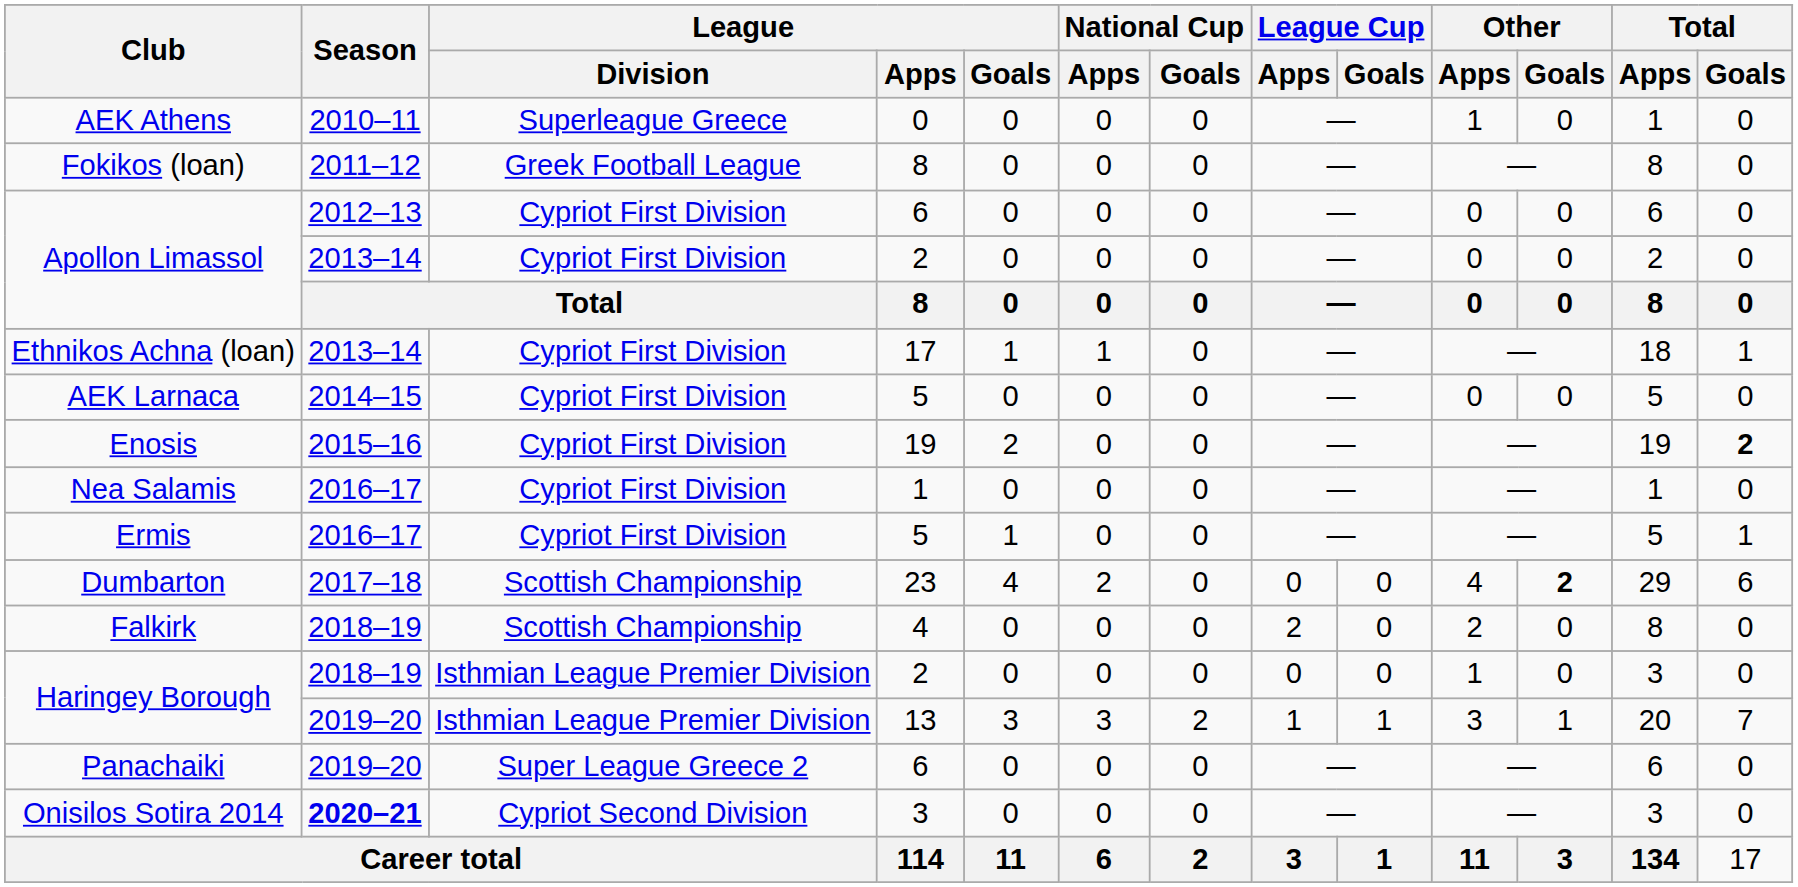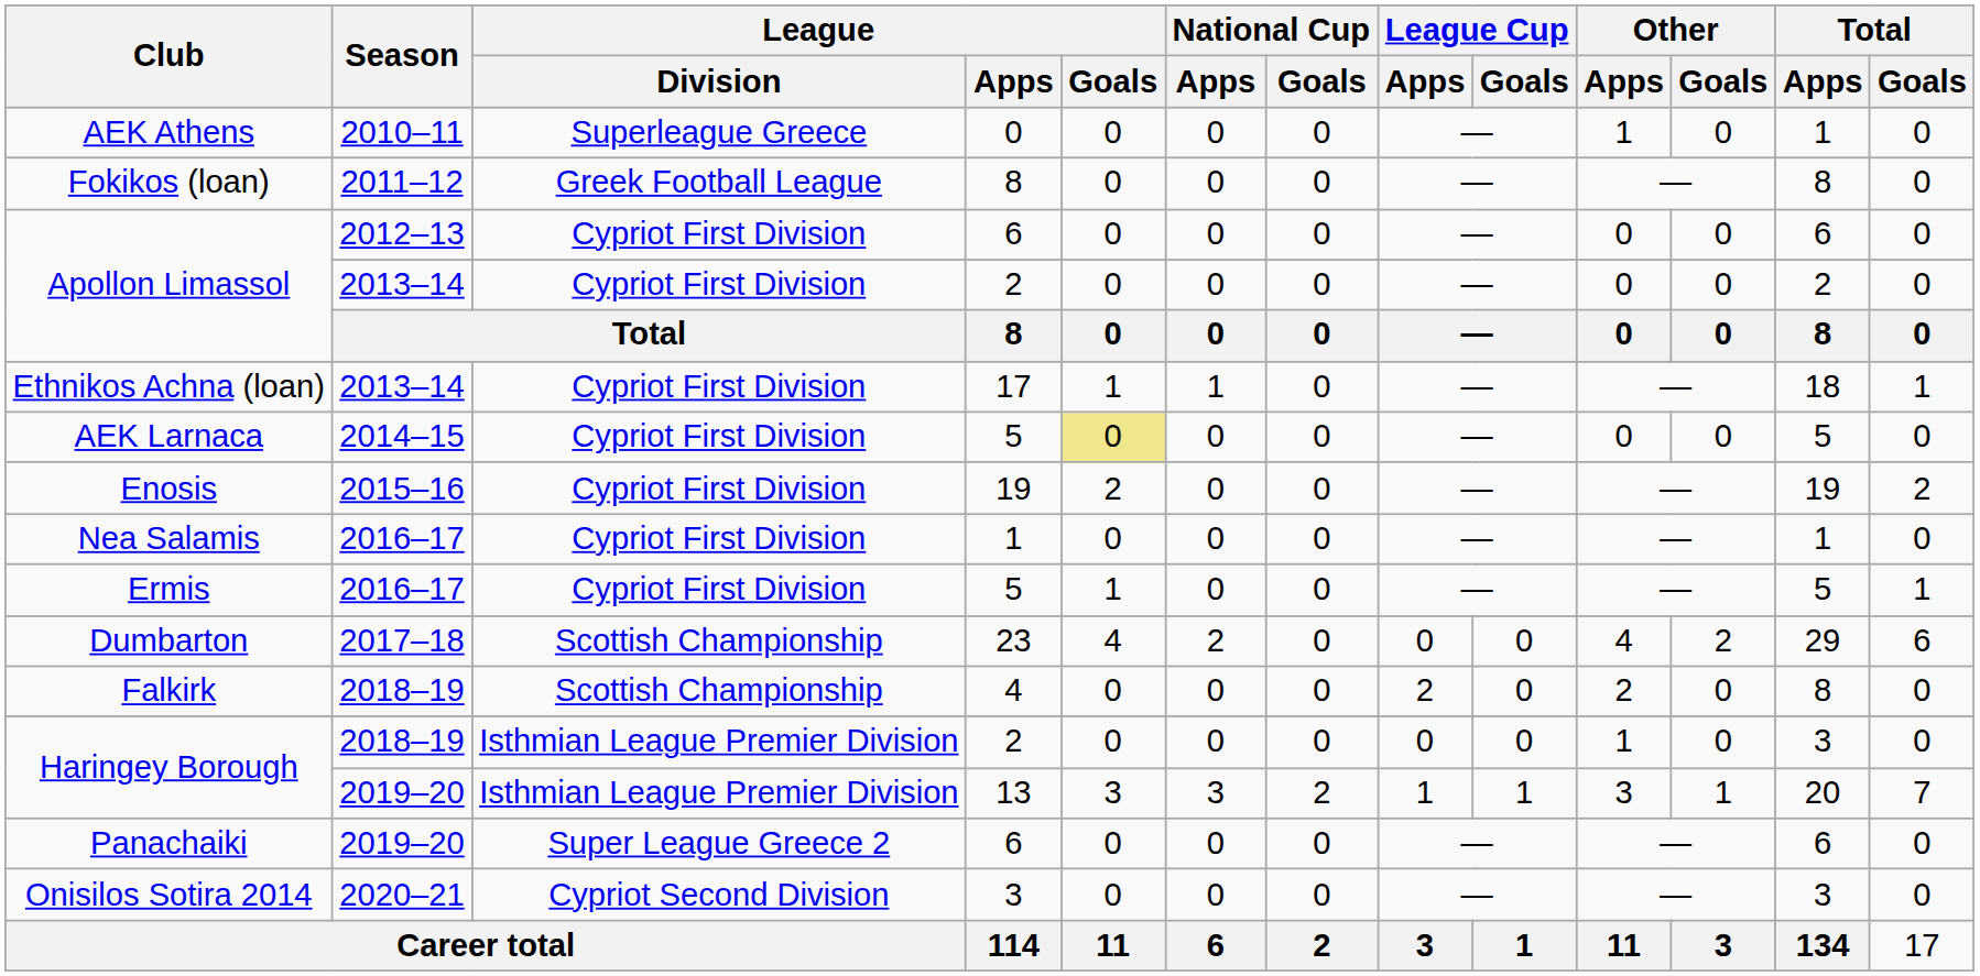 <table class="wikitable" style="text-align:center">
 <tr>
 <th rowspan="2">Club</th>
 <th rowspan="2">Season</th>
 <th colspan="3">League</th>
 <th colspan="2">National Cup</th>
 <th colspan="2"><a href='#'>League Cup</a></th>
 <th colspan="2">Other</th>
 <th colspan="2">Total</th>
 </tr>
 <tr>
 <th>Division</th>
 <th>Apps</th>
 <th>Goals</th>
 <th>Apps</th>
 <th>Goals</th>
 <th>Apps</th>
 <th>Goals</th>
 <th>Apps</th>
 <th>Goals</th>
 <th>Apps</th>
 <th>Goals</th>
 </tr>
 <tr>
 <td><a href='#'>AEK Athens</a></td>
 <td><a href='#'>2010–11</a></td>
 <td><a href='#'>Superleague Greece</a></td>
 <td>0</td>
 <td>0</td>
 <td>0</td>
 <td>0</td>
 <td colspan="2">—</td>
 <td>1</td>
 <td>0</td>
 <td>1</td>
 <td>0</td>
 </tr>
 <tr>
 <td><a href='#'>Fokikos</a> (loan)</td>
 <td><a href='#'>2011–12</a></td>
 <td><a href='#'>Greek Football League</a></td>
 <td>8</td>
 <td>0</td>
 <td>0</td>
 <td>0</td>
 <td colspan="2">—</td>
 <td colspan="2">—</td>
 <td>8</td>
 <td>0</td>
 </tr>
 <tr>
 <td rowspan="3"><a href='#'>Apollon Limassol</a></td>
 <td><a href='#'>2012–13</a></td>
 <td><a href='#'>Cypriot First Division</a></td>
 <td>6</td>
 <td>0</td>
 <td>0</td>
 <td>0</td>
 <td colspan="2">—</td>
 <td>0</td>
 <td>0</td>
 <td>6</td>
 <td>0</td>
 </tr>
 <tr>
 <td><a href='#'>2013–14</a></td>
 <td><a href='#'>Cypriot First Division</a></td>
 <td>2</td>
 <td>0</td>
 <td>0</td>
 <td>0</td>
 <td colspan="2">—</td>
 <td>0</td>
 <td>0</td>
 <td>2</td>
 <td>0</td>
 </tr>
 <tr>
 <th colspan="2">Total</th>
 <th>8</th>
 <th>0</th>
 <th>0</th>
 <th>0</th>
 <th colspan="2">—</th>
 <th>0</th>
 <th>0</th>
 <th>8</th>
 <th>0</th>
 </tr>
 <tr>
 <td><a href='#'>Ethnikos Achna</a> (loan)</td>
 <td><a href='#'>2013–14</a></td>
 <td><a href='#'>Cypriot First Division</a></td>
 <td>17</td>
 <td>1</td>
 <td>1</td>
 <td>0</td>
 <td colspan="2">—</td>
 <td colspan="2">—</td>
 <td>18</td>
 <td>1</td>
 </tr>
 <tr>
 <td><a href='#'>AEK Larnaca</a></td>
 <td><a href='#'>2014–15</a></td>
 <td><a href='#'>Cypriot First Division</a></td>
 <td>5</td>
-<td>0</td>
+<td style="background: khaki;">0</td>
 <td>0</td>
 <td>0</td>
 <td colspan="2">—</td>
 <td>0</td>
 <td>0</td>
 <td>5</td>
 <td>0</td>
 </tr>
 <tr>
 <td><a href='#'>Enosis</a></td>
 <td><a href='#'>2015–16</a></td>
 <td><a href='#'>Cypriot First Division</a></td>
 <td>19</td>
 <td>2</td>
 <td>0</td>
 <td>0</td>
 <td colspan="2">—</td>
 <td colspan="2">—</td>
 <td>19</td>
-<td><strong>2</strong></td>
+<td>2</td>
 </tr>
 <tr>
 <td><a href='#'>Nea Salamis</a></td>
 <td><a href='#'>2016–17</a></td>
 <td><a href='#'>Cypriot First Division</a></td>
 <td>1</td>
 <td>0</td>
 <td>0</td>
 <td>0</td>
 <td colspan="2">—</td>
 <td colspan="2">—</td>
 <td>1</td>
 <td>0</td>
 </tr>
 <tr>
 <td><a href='#'>Ermis</a></td>
 <td><a href='#'>2016–17</a></td>
 <td><a href='#'>Cypriot First Division</a></td>
 <td>5</td>
 <td>1</td>
 <td>0</td>
 <td>0</td>
 <td colspan="2">—</td>
 <td colspan="2">—</td>
 <td>5</td>
 <td>1</td>
 </tr>
 <tr>
 <td><a href='#'>Dumbarton</a></td>
 <td><a href='#'>2017–18</a></td>
 <td><a href='#'>Scottish Championship</a></td>
 <td>23</td>
 <td>4</td>
 <td>2</td>
 <td>0</td>
 <td>0</td>
 <td>0</td>
 <td>4</td>
-<td><strong>2</strong></td>
+<td>2</td>
 <td>29</td>
 <td>6</td>
 </tr>
 <tr>
 <td><a href='#'>Falkirk</a></td>
 <td><a href='#'>2018–19</a></td>
 <td><a href='#'>Scottish Championship</a></td>
 <td>4</td>
 <td>0</td>
 <td>0</td>
 <td>0</td>
 <td>2</td>
 <td>0</td>
 <td>2</td>
 <td>0</td>
 <td>8</td>
 <td>0</td>
 </tr>
 <tr>
 <td rowspan="2"><a href='#'>Haringey Borough</a></td>
 <td><a href='#'>2018–19</a></td>
 <td><a href='#'>Isthmian League Premier Division</a></td>
 <td>2</td>
 <td>0</td>
 <td>0</td>
 <td>0</td>
 <td>0</td>
 <td>0</td>
 <td>1</td>
 <td>0</td>
 <td>3</td>
 <td>0</td>
 </tr>
 <tr>
 <td><a href='#'>2019–20</a></td>
 <td><a href='#'>Isthmian League Premier Division</a></td>
 <td>13</td>
 <td>3</td>
 <td>3</td>
 <td>2</td>
 <td>1</td>
 <td>1</td>
 <td>3</td>
 <td>1</td>
 <td>20</td>
 <td>7</td>
 </tr>
 <tr>
 <td><a href='#'>Panachaiki</a></td>
 <td><a href='#'>2019–20</a></td>
 <td><a href='#'>Super League Greece 2</a></td>
 <td>6</td>
 <td>0</td>
 <td>0</td>
 <td>0</td>
 <td colspan="2">—</td>
 <td colspan="2">—</td>
 <td>6</td>
 <td>0</td>
 </tr>
 <tr>
 <td><a href='#'>Onisilos Sotira 2014</a></td>
-<td><strong><a href='#'>2020–21</a></strong></td>
+<td><a href='#'>2020–21</a></td>
 <td><a href='#'>Cypriot Second Division</a></td>
 <td>3</td>
 <td>0</td>
 <td>0</td>
 <td>0</td>
 <td colspan="2">—</td>
 <td colspan="2">—</td>
 <td>3</td>
 <td>0</td>
 </tr>
 <tr>
 <th colspan="3">Career total</th>
 <th>114</th>
 <th>11</th>
 <th>6</th>
 <th>2</th>
 <th>3</th>
 <th>1</th>
 <th>11</th>
 <th>3</th>
 <th>134</th>
 <td>17</td>
 </tr>
 </table>
